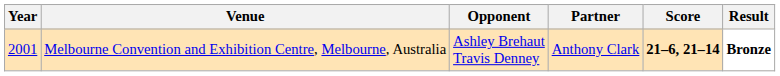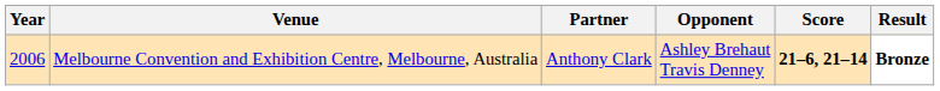 <table class="sortable wikitable" style="font-size: 90%;">
 <tr>
 <th>Year</th>
 <th>Venue</th>
+<th>Partner</th>
 <th>Opponent</th>
-<th>Partner</th>
 <th>Score</th>
 <th>Result</th>
 </tr>
 <tr style="background:#FFE4B5">
-<td align="center"><a href='#'>2001</a></td>
+<td align="center"><a href='#'>2006</a></td>
 <td align="left"><a href='#'>Melbourne Convention and Exhibition Centre</a>, <a href='#'>Melbourne</a>, Australia</td>
+<td align="left"> <a href='#'>Anthony Clark</a></td>
 <td align="left"> <a href='#'>Ashley Brehaut</a><br> <a href='#'>Travis Denney</a></td>
-<td align="left"> <a href='#'>Anthony Clark</a></td>
 <td align="left"><strong>21–6, 21–14</strong></td>
 <td style="text-align:left; background:white"> <strong>Bronze</strong></td>
 </tr>
 </table>
